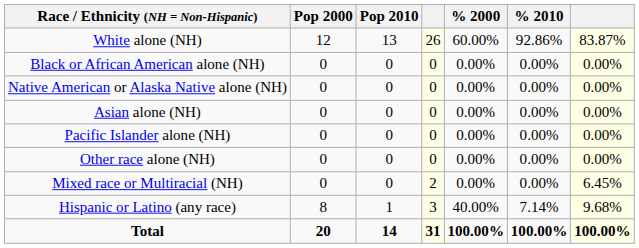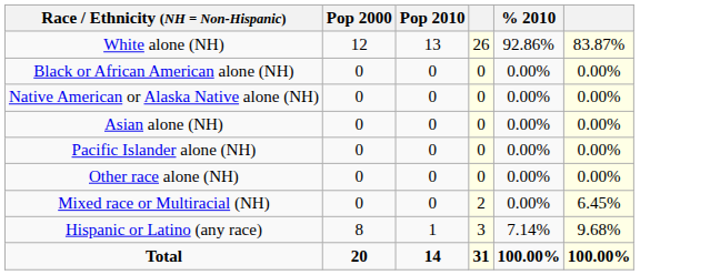 <table class="wikitable" style="text-align:center;">
 <tr>
 <th>Race / Ethnicity <small>(<em>NH = Non-Hispanic</em>)</small></th>
 <th>Pop 2000</th>
 <th>Pop 2010</th>
 <th></th>
-<th>% 2000</th>
 <th>% 2010</th>
 <th></th>
 </tr>
 <tr>
 <td><a href='#'>White</a> alone (NH)</td>
 <td>12</td>
 <td>13</td>
 <td style='background: #ffffe6;'>26</td>
-<td>60.00%</td>
 <td>92.86%</td>
 <td style='background: #ffffe6;'>83.87%</td>
 </tr>
 <tr>
 <td><a href='#'>Black or African American</a> alone (NH)</td>
 <td>0</td>
 <td>0</td>
 <td style='background: #ffffe6;'>0</td>
 <td>0.00%</td>
-<td>0.00%</td>
 <td style='background: #ffffe6;'>0.00%</td>
 </tr>
 <tr>
 <td><a href='#'>Native American</a> or <a href='#'>Alaska Native</a> alone (NH)</td>
 <td>0</td>
 <td>0</td>
 <td style='background: #ffffe6;'>0</td>
-<td>0.00%</td>
 <td>0.00%</td>
 <td style='background: #ffffe6;'>0.00%</td>
 </tr>
 <tr>
 <td><a href='#'>Asian</a> alone (NH)</td>
 <td>0</td>
 <td>0</td>
 <td style='background: #ffffe6;'>0</td>
 <td>0.00%</td>
-<td>0.00%</td>
 <td style='background: #ffffe6;'>0.00%</td>
 </tr>
 <tr>
 <td><a href='#'>Pacific Islander</a> alone (NH)</td>
 <td>0</td>
 <td>0</td>
 <td style='background: #ffffe6;'>0</td>
-<td>0.00%</td>
 <td>0.00%</td>
 <td style='background: #ffffe6;'>0.00%</td>
 </tr>
 <tr>
 <td><a href='#'>Other race</a> alone (NH)</td>
 <td>0</td>
 <td>0</td>
 <td style='background: #ffffe6;'>0</td>
 <td>0.00%</td>
-<td>0.00%</td>
 <td style='background: #ffffe6;'>0.00%</td>
 </tr>
 <tr>
 <td><a href='#'>Mixed race or Multiracial</a> (NH)</td>
 <td>0</td>
 <td>0</td>
 <td style='background: #ffffe6;'>2</td>
 <td>0.00%</td>
-<td>0.00%</td>
 <td style='background: #ffffe6;'>6.45%</td>
 </tr>
 <tr>
 <td><a href='#'>Hispanic or Latino</a> (any race)</td>
 <td>8</td>
 <td>1</td>
 <td style='background: #ffffe6;'>3</td>
-<td>40.00%</td>
 <td>7.14%</td>
 <td style='background: #ffffe6;'>9.68%</td>
 </tr>
 <tr>
 <td><strong>Total</strong></td>
 <td><strong>20</strong></td>
 <td><strong>14</strong></td>
 <td style='background: #ffffe6;'><strong>31</strong></td>
 <td><strong>100.00%</strong></td>
-<td><strong>100.00%</strong></td>
 <td style='background: #ffffe6;'><strong>100.00%</strong></td>
 </tr>
 </table>
